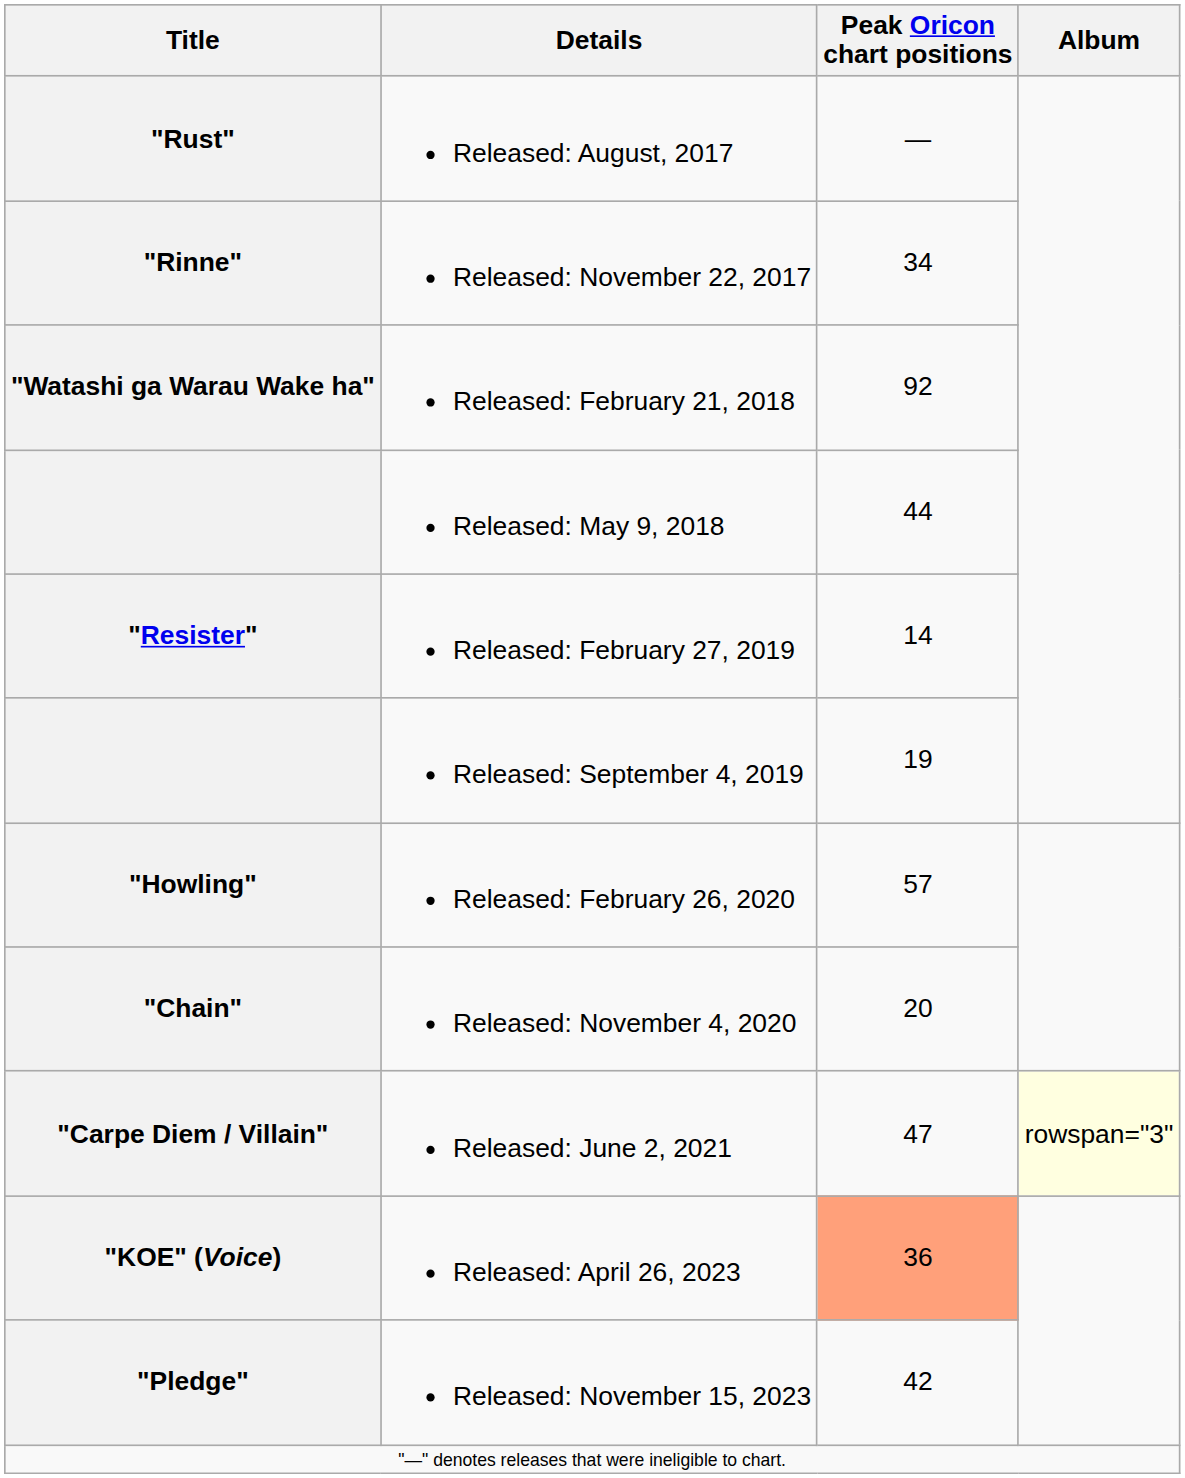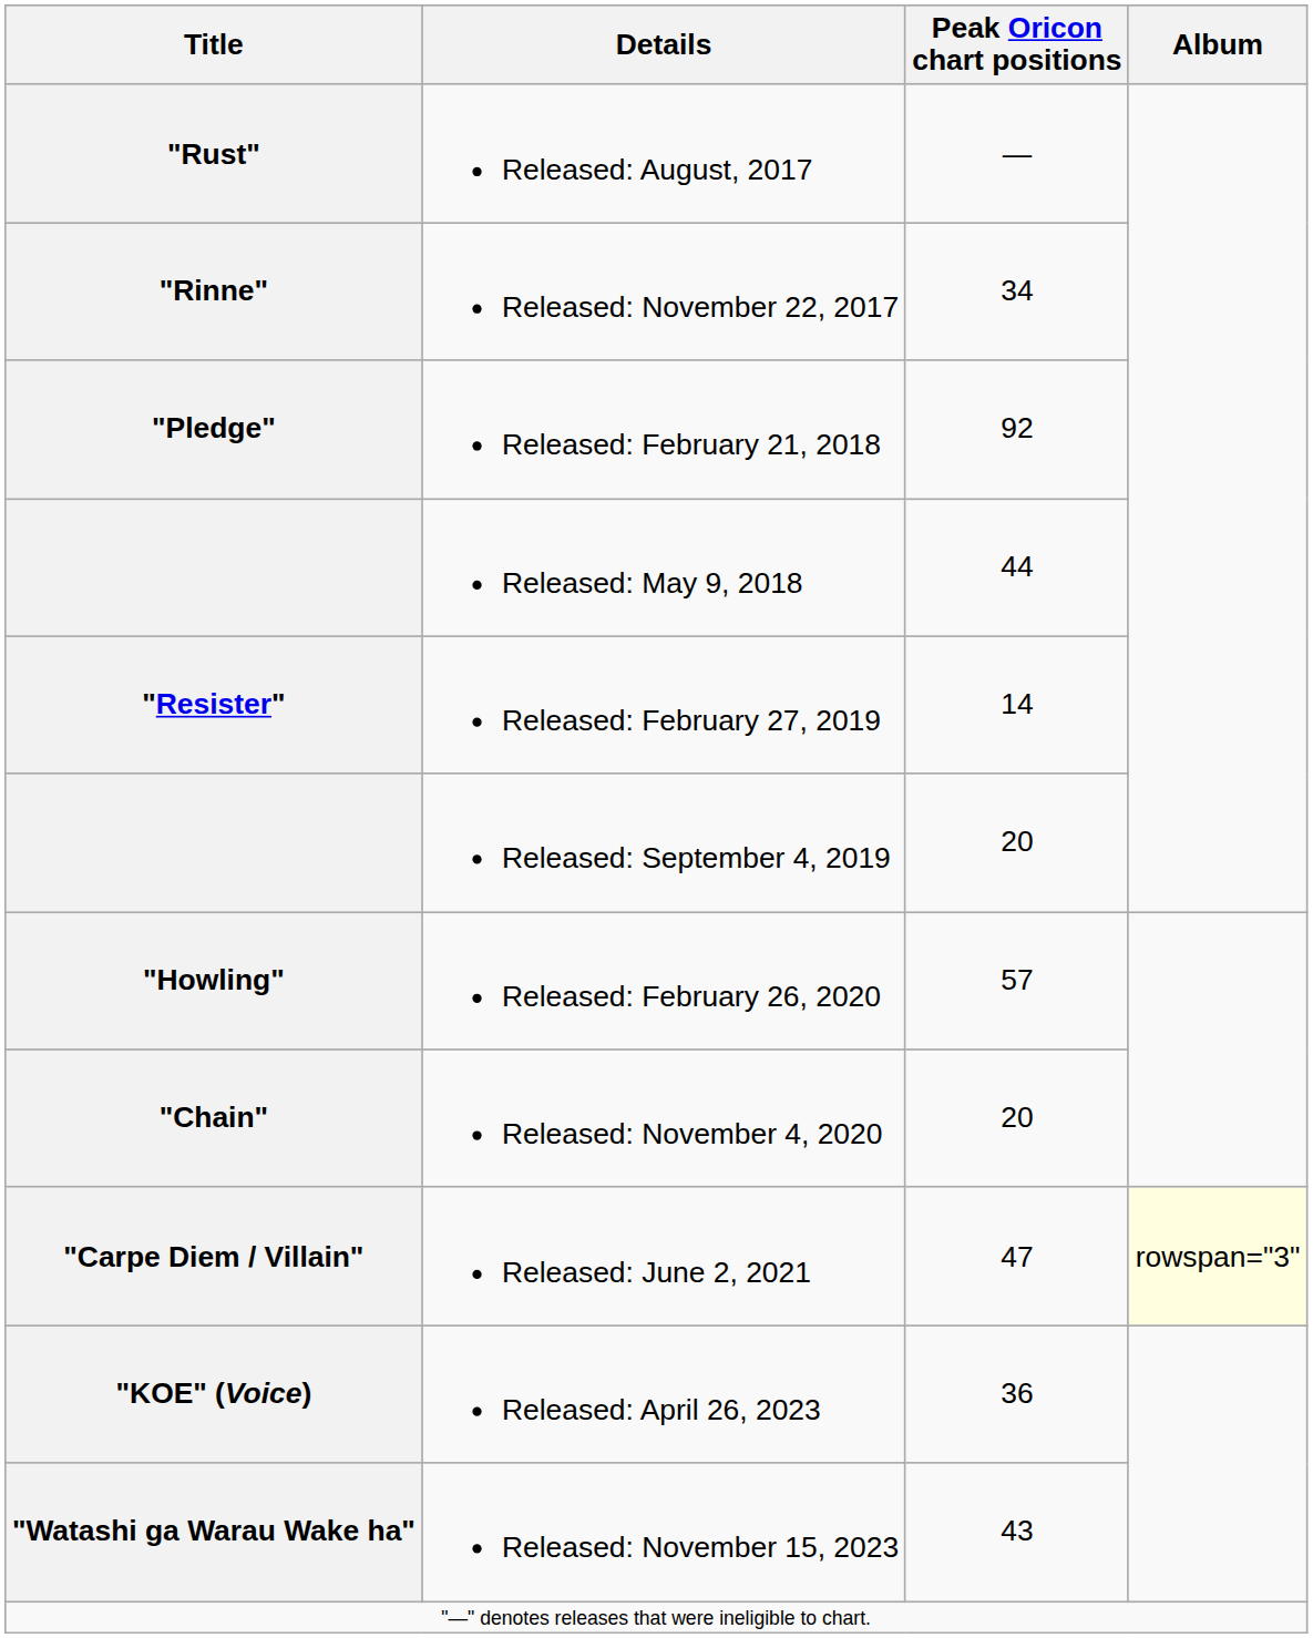 <table class="wikitable plainrowheaders">
 <tr>
 <th scope="col">Title</th>
 <th scope="col">Details</th>
 <th scope="col">Peak <a href='#'>Oricon</a><br> chart positions</th>
 <th scope="col">Album</th>
 </tr>
 <tr>
 <th scope="row">"Rust"</th>
 <td><br><ul><li>Released: August, 2017</li></ul></td>
 <td align="center">—</td>
 <td rowspan="6"></td>
 </tr>
 <tr>
 <th scope="row">"Rinne"</th>
 <td><br><ul><li>Released: November 22, 2017</li></ul></td>
 <td align="center">34</td>
 </tr>
 <tr>
-<th scope="row">"Watashi ga Warau Wake ha"</th>
+<th scope="row">"Pledge"</th>
 <td><br><ul><li>Released: February 21, 2018</li></ul></td>
 <td align="center">92</td>
 </tr>
 <tr>
 <th scope="row"></th>
 <td><br><ul><li>Released: May 9, 2018</li></ul></td>
 <td align="center">44</td>
 </tr>
 <tr>
 <th scope="row">"<a href='#'>Resister</a>"</th>
 <td><br><ul><li>Released: February 27, 2019</li></ul></td>
 <td align="center">14</td>
 </tr>
 <tr>
 <th scope="row"></th>
 <td><br><ul><li>Released: September 4, 2019</li></ul></td>
-<td align="center">19</td>
+<td align="center">20</td>
 </tr>
 <tr>
 <th scope="row">"Howling"</th>
 <td><br><ul><li>Released: February 26, 2020</li></ul></td>
 <td align="center">57</td>
 <td rowspan="2"></td>
 </tr>
 <tr>
 <th scope="row">"Chain"</th>
 <td><br><ul><li>Released: November 4, 2020</li></ul></td>
 <td align="center">20</td>
 </tr>
 <tr>
 <th scope="row">"Carpe Diem / Villain"</th>
 <td><br><ul><li>Released: June 2, 2021</li></ul></td>
 <td align="center">47</td>
 <td style="background: lightyellow;">rowspan="3" </td>
 </tr>
 <tr>
 <th scope="row">"KOE" (<em>Voice</em>)</th>
 <td><br><ul><li>Released: April 26, 2023</li></ul></td>
-<td align="center" style="background: lightsalmon;">36</td>
+<td align="center">36</td>
 </tr>
 <tr>
-<th scope="row">"Pledge"</th>
+<th scope="row">"Watashi ga Warau Wake ha"</th>
 <td><br><ul><li>Released: November 15, 2023</li></ul></td>
-<td align="center">42</td>
+<td align="center">43</td>
 </tr>
 <tr>
 <td align="center" colspan="13" style="font-size: 8pt">"—" denotes releases that were ineligible to chart.</td>
 </tr>
 </table>
